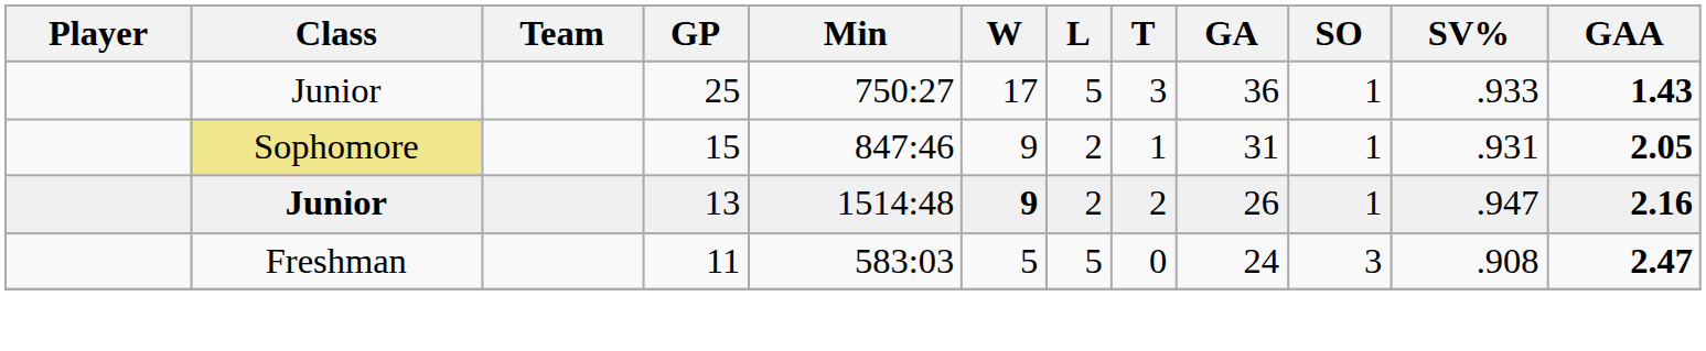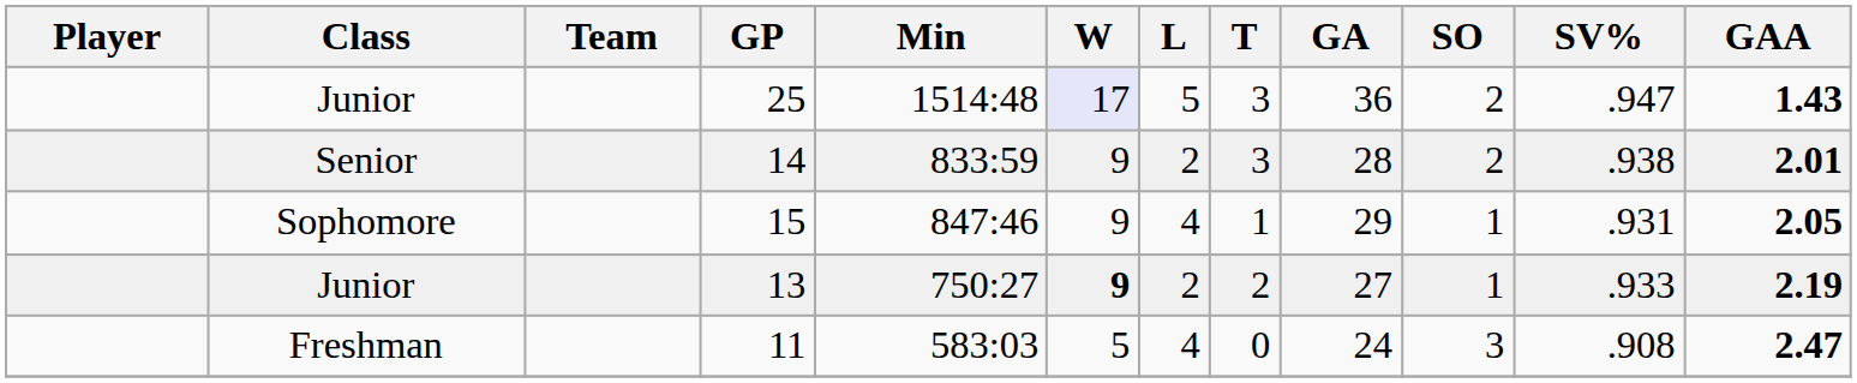 <table class="wikitable sortable" style="text-align: center; "width=60%">
 <tr>
 <th>Player</th>
 <th>Class</th>
 <th>Team</th>
 <th>GP</th>
 <th>Min</th>
 <th>W</th>
 <th>L</th>
 <th>T</th>
 <th>GA</th>
 <th>SO</th>
 <th>SV%</th>
 <th>GAA</th>
 </tr>
 <tr>
 <td style="text-align: left"></td>
 <td>Junior</td>
 <td><strong><a href='#'></a></strong></td>
 <td style="text-align: right">25</td>
-<td style="text-align: right">750:27</td>
-<td style="text-align: right">17</td>
+<td style="text-align: right">1514:48</td>
+<td style="background: lavender; text-align: right">17</td>
 <td style="text-align: right">5</td>
 <td style="text-align: right">3</td>
 <td style="text-align: right">36</td>
-<td style="text-align: right">1</td>
-<td style="text-align: right">.933</td>
+<td style="text-align: right">2</td>
+<td style="text-align: right">.947</td>
 <td style="text-align: right"><strong>1.43</strong></td>
+</tr>
+<tr bgcolor=f0f0f0>
+<td style="text-align: left"></td>
+<td>Senior</td>
+<td><strong><a href='#'></a></strong></td>
+<td style="text-align: right">14</td>
+<td style="text-align: right">833:59</td>
+<td style="text-align: right">9</td>
+<td style="text-align: right">2</td>
+<td style="text-align: right">3</td>
+<td style="text-align: right">28</td>
+<td style="text-align: right">2</td>
+<td style="text-align: right">.938</td>
+<td style="text-align: right"><strong>2.01</strong></td>
 </tr>
 <tr>
 <td style="text-align: left"></td>
-<td style="background: khaki;">Sophomore</td>
+<td>Sophomore</td>
 <td><strong><a href='#'></a></strong></td>
 <td style="text-align: right">15</td>
 <td style="text-align: right">847:46</td>
 <td style="text-align: right">9</td>
-<td style="text-align: right">2</td>
+<td style="text-align: right">4</td>
 <td style="text-align: right">1</td>
-<td style="text-align: right">31</td>
+<td style="text-align: right">29</td>
 <td style="text-align: right">1</td>
 <td style="text-align: right">.931</td>
 <td style="text-align: right"><strong>2.05</strong></td>
 </tr>
 <tr bgcolor=f0f0f0>
 <td style="text-align: left"></td>
-<td><strong>Junior</strong></td>
+<td>Junior</td>
 <td><strong><a href='#'></a></strong></td>
 <td style="text-align: right">13</td>
-<td style="text-align: right">1514:48</td>
+<td style="text-align: right">750:27</td>
 <td style="text-align: right"><strong>9</strong></td>
 <td style="text-align: right">2</td>
 <td style="text-align: right">2</td>
-<td style="text-align: right">26</td>
+<td style="text-align: right">27</td>
 <td style="text-align: right">1</td>
-<td style="text-align: right">.947</td>
-<td style="text-align: right"><strong>2.16</strong></td>
+<td style="text-align: right">.933</td>
+<td style="text-align: right"><strong>2.19</strong></td>
 </tr>
 <tr>
 <td style="text-align: left"></td>
 <td>Freshman</td>
 <td><strong><a href='#'></a></strong></td>
 <td style="text-align: right">11</td>
 <td style="text-align: right">583:03</td>
 <td style="text-align: right">5</td>
-<td style="text-align: right">5</td>
+<td style="text-align: right">4</td>
 <td style="text-align: right">0</td>
 <td style="text-align: right">24</td>
 <td style="text-align: right">3</td>
 <td style="text-align: right">.908</td>
 <td style="text-align: right"><strong>2.47</strong></td>
 </tr>
 <tr>
 </tr>
 </table>
